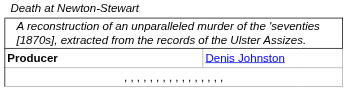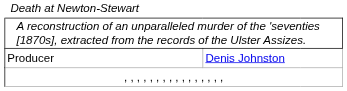 <table class="wikitable mw-collapsible mw-collapsed" style="vertical-align:top;margin:auto 2em;line-height:1.2;max-width:33em;background-color:inherit;border:none;">
 <tr>
 <td class=unsortable style="border:hidden;line-height:1.67;margin-left:-1em;text-align:center;padding-left:0.5em;min-width:1.0em;"></td>
 <td class=unsortable style="border-style:none;padding-left:0.5em;text-align:left;min-width:16.5em;font-weight:400;font-style:italic;">Death at Newton-Stewart</td>
 <td class=unsortable style="border-style:none;text-align:right;font-weight:normal; font-size:95%; min-width:8.5em;padding-right:0.2em;"></td>
 <td class=unsortable style="border-style:none;min-width:3.5em;padding-left:0;"></td>
 <td class=unsortable style="border:hidden;min-width:3.5em;font-size:95%;"></td>
 </tr>
 <tr>
 <td rowspan=100 style="border:none thin;border-right-style :solid;"></td>
 <td colspan=3 style="text-align:left;padding:0.1em 1em;font-style:italic;border: solid thin;">A reconstruction of an unparalleled murder of the 'seventies [1870s], extracted from the records of the Ulster Assizes.</td>
 </tr>
 <tr>
-<td style="text-align:left;padding-left"><strong>Producer</strong></td>
+<td style="text-align:left;padding-left">Producer</td>
 <td colspan=2><a href='#'>Denis Johnston</a></td>
 </tr>
 <tr>
 <td colspan=3 style="text-align:center;padding-left:1em;padding-right:1em;max-width:32em;">, , , , , , , , , , , , , , , , </td>
 </tr>
 </table>
